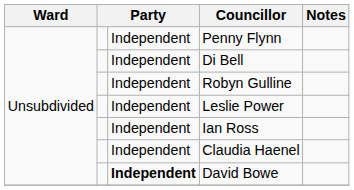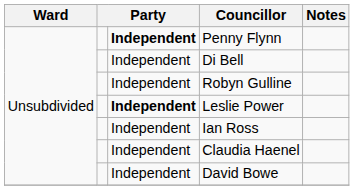 <table class="wikitable">
 <tr>
 <th>Ward</th>
 <th colspan="2">Party</th>
 <th>Councillor</th>
 <th>Notes</th>
 </tr>
 <tr>
 <td rowspan="7">Unsubdivided</td>
 <td> </td>
-<td>Independent</td>
+<td><strong>Independent</strong></td>
 <td>Penny Flynn</td>
 <td></td>
 </tr>
 <tr>
 <td> </td>
 <td>Independent</td>
 <td>Di Bell</td>
 <td></td>
 </tr>
 <tr>
 <td> </td>
 <td>Independent</td>
 <td>Robyn Gulline</td>
 <td></td>
 </tr>
 <tr>
 <td> </td>
-<td>Independent</td>
+<td><strong>Independent</strong></td>
 <td>Leslie Power</td>
 <td></td>
 </tr>
 <tr>
 <td> </td>
 <td>Independent</td>
 <td>Ian Ross</td>
 <td></td>
 </tr>
 <tr>
 <td> </td>
 <td>Independent</td>
 <td>Claudia Haenel</td>
 <td></td>
 </tr>
 <tr>
 <td> </td>
-<td><strong>Independent</strong></td>
+<td>Independent</td>
 <td>David Bowe</td>
 <td></td>
 </tr>
 <tr>
 </tr>
 </table>
